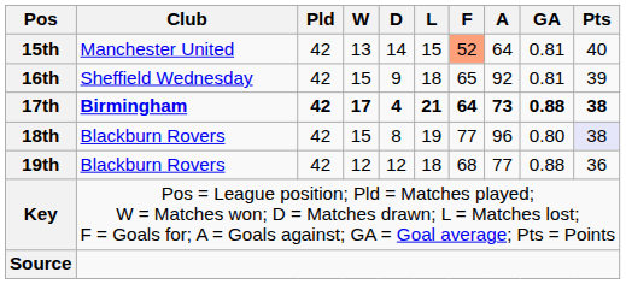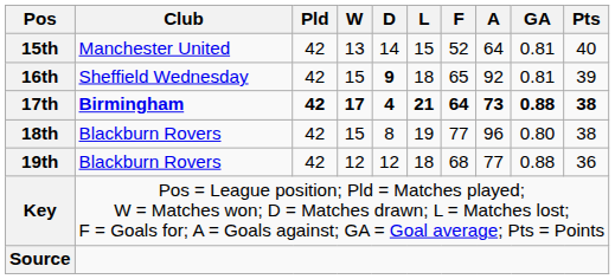 <table class="wikitable" style="text-align:center">
 <tr>
 <th scope="col">Pos</th>
 <th scope="col">Club</th>
 <th scope="col">Pld</th>
 <th scope="col">W</th>
 <th scope="col">D</th>
 <th scope="col">L</th>
 <th scope="col">F</th>
 <th scope="col">A</th>
 <th scope="col">GA</th>
 <th scope="col">Pts</th>
 </tr>
 <tr>
 <th scope="row">15th</th>
 <td align="left"><a href='#'>Manchester United</a></td>
 <td>42</td>
 <td>13</td>
 <td>14</td>
 <td>15</td>
-<td style="background: lightsalmon;">52</td>
+<td>52</td>
 <td>64</td>
 <td>0.81</td>
 <td>40</td>
 </tr>
 <tr>
 <th scope="row">16th</th>
 <td align="left"><a href='#'>Sheffield Wednesday</a></td>
 <td>42</td>
 <td>15</td>
-<td>9</td>
+<td><strong>9</strong></td>
 <td>18</td>
 <td>65</td>
 <td>92</td>
 <td>0.81</td>
 <td>39</td>
 </tr>
 <tr style="font-weight:bold">
 <th scope="row">17th</th>
 <td align="left"><a href='#'>Birmingham</a></td>
 <td>42</td>
 <td>17</td>
 <td>4</td>
 <td>21</td>
 <td>64</td>
 <td>73</td>
 <td>0.88</td>
 <td>38</td>
 </tr>
 <tr>
 <th scope="row">18th</th>
 <td align="left"><a href='#'>Blackburn Rovers</a></td>
 <td>42</td>
 <td>15</td>
 <td>8</td>
 <td>19</td>
 <td>77</td>
 <td>96</td>
 <td>0.80</td>
-<td style="background: lavender;">38</td>
+<td>38</td>
 </tr>
 <tr>
 <th scope="row">19th</th>
 <td align="left"><a href='#'>Blackburn Rovers</a></td>
 <td>42</td>
 <td>12</td>
 <td>12</td>
 <td>18</td>
 <td>68</td>
 <td>77</td>
 <td>0.88</td>
 <td>36</td>
 </tr>
 <tr>
 <th scope="row">Key</th>
 <td colspan="9">Pos = League position; Pld = Matches played;<br>W = Matches won; D = Matches drawn; L = Matches lost;<br>F = Goals for; A = Goals against; GA = <a href='#'>Goal average</a>; Pts = Points</td>
 </tr>
 <tr>
 <th scope="row">Source</th>
 <td colspan="9"></td>
 </tr>
 </table>
